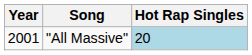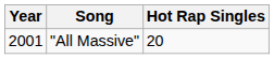 <table class="wikitable">
 <tr>
 <th>Year</th>
 <th>Song</th>
 <th>Hot Rap Singles</th>
 </tr>
 <tr>
 <td>2001</td>
 <td>"All Massive"</td>
-<td style="background: lightblue;">20</td>
+<td>20</td>
 </tr>
 </table>
